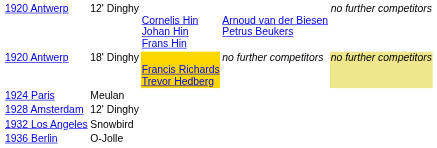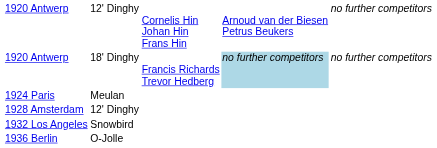 <table>
 <tr valign="top">
 <td><a href='#'>1920 Antwerp</a><br></td>
 <td>12' Dinghy</td>
 <td valign=top><br><a href='#'>Cornelis Hin</a><br><a href='#'>Johan Hin</a><br><a href='#'>Frans Hin</a></td>
 <td valign=top><br><a href='#'>Arnoud van der Biesen</a><br><a href='#'>Petrus Beukers</a></td>
 <td><em>no further competitors</em></td>
 </tr>
 <tr valign="top">
 <td><a href='#'>1920 Antwerp</a><br></td>
 <td>18' Dinghy</td>
-<td style="background: gold;"><br><a href='#'>Francis Richards</a><br><a href='#'>Trevor Hedberg</a></td>
+<td><br><a href='#'>Francis Richards</a><br><a href='#'>Trevor Hedberg</a></td>
+<td style="background: lightblue;"><em>no further competitors</em></td>
 <td><em>no further competitors</em></td>
-<td style="background: khaki;"><em>no further competitors</em></td>
 </tr>
 <tr>
 <td><a href='#'>1924 Paris</a><br></td>
 <td>Meulan</td>
 <td></td>
 <td></td>
 <td></td>
 </tr>
 <tr>
 <td><a href='#'>1928 Amsterdam</a><br></td>
 <td>12' Dinghy</td>
 <td></td>
 <td></td>
 <td></td>
 </tr>
 <tr>
 <td nowrap=true><a href='#'>1932 Los Angeles</a><br></td>
 <td>Snowbird</td>
 <td></td>
 <td></td>
 <td></td>
 </tr>
 <tr>
 <td><a href='#'>1936 Berlin</a><br></td>
 <td>O-Jolle</td>
 <td></td>
 <td></td>
 <td></td>
 </tr>
 </table>
